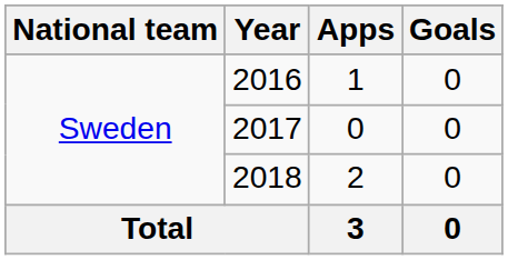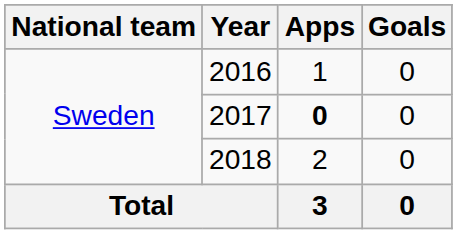 <table class="wikitable" style="text-align:center;">
 <tr>
 <th>National team</th>
 <th>Year</th>
 <th>Apps</th>
 <th>Goals</th>
 </tr>
 <tr>
 <td rowspan="3"><a href='#'>Sweden</a></td>
 <td>2016</td>
 <td>1</td>
 <td>0</td>
 </tr>
 <tr>
 <td>2017</td>
-<td>0</td>
+<td><strong>0</strong></td>
 <td>0</td>
 </tr>
 <tr>
 <td>2018</td>
 <td>2</td>
 <td>0</td>
 </tr>
 <tr>
 <th colspan=2>Total</th>
 <th>3</th>
 <th>0</th>
 </tr>
 </table>
